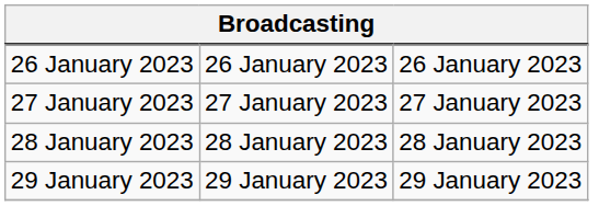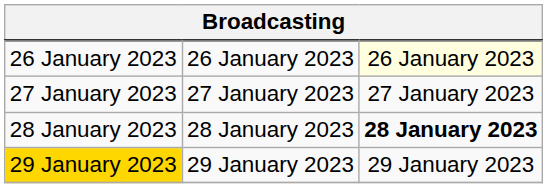 <table class=wikitable style="text-align:center;">
 <tr>
 <th colspan=3>Broadcasting</th>
 </tr>
 <tr style="border-top: 2px solid #333333;">
 </tr>
 <tr>
 <td>26 January 2023 </td>
 <td>26 January 2023 </td>
-<td>26 January 2023 </td>
+<td style="background: lightyellow;">26 January 2023 </td>
 </tr>
 <tr>
 <td>27 January 2023 </td>
 <td>27 January 2023 </td>
 <td>27 January 2023 </td>
 </tr>
 <tr>
 <td>28 January 2023 </td>
 <td>28 January 2023 </td>
-<td>28 January 2023 </td>
+<td><strong>28 January 2023 </strong></td>
 </tr>
 <tr>
-<td>29 January 2023 </td>
+<td style="background: gold;">29 January 2023 </td>
 <td>29 January 2023 </td>
 <td>29 January 2023 </td>
 </tr>
 <tr>
 </tr>
 </table>
